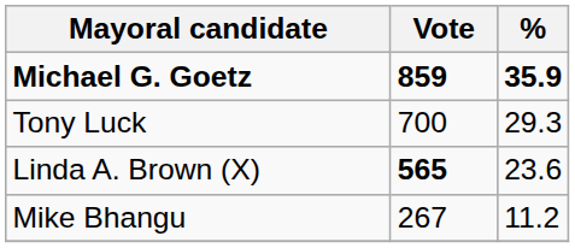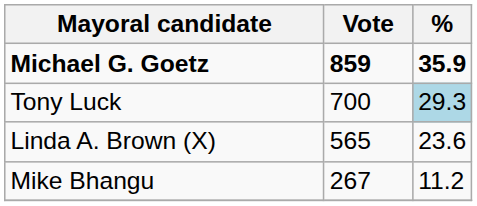 <table class="wikitable">
 <tr>
 <th width="200px">Mayoral candidate</th>
 <th width="50px">Vote</th>
 <th width="30px">%</th>
 </tr>
 <tr>
 <td><strong>Michael G. Goetz</strong> </td>
 <td><strong>859</strong></td>
 <td><strong>35.9</strong></td>
 </tr>
 <tr>
 <td>Tony Luck</td>
 <td>700</td>
-<td>29.3</td>
+<td style="background: lightblue;">29.3</td>
 </tr>
 <tr>
 <td>Linda A. Brown (X)</td>
-<td><strong>565</strong></td>
+<td>565</td>
 <td>23.6</td>
 </tr>
 <tr>
 <td>Mike Bhangu</td>
 <td>267</td>
 <td>11.2</td>
 </tr>
 <tr>
 </tr>
 </table>
